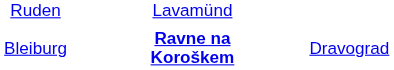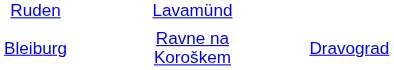 <table width="50%">
 <tr ---->
 <td width ="33%" align="center"><a href='#'>Ruden</a></td>
 <td width ="33%" align="center"><a href='#'>Lavamünd</a></td>
 <td width ="33%" align="center"></td>
 </tr>
 <tr ---->
 <td width ="33%" align="center"></td>
 <td width ="33%" align="center"></td>
 <td width ="33%" align="center"></td>
 </tr>
 <tr ---->
 <td width ="33%" align="center"><a href='#'>Bleiburg</a></td>
-<td width ="33%" align="center"><strong><a href='#'>Ravne na Koroškem</a></strong></td>
+<td width ="33%" align="center"><a href='#'>Ravne na Koroškem</a></td>
 <td width ="33%" align="center"><a href='#'>Dravograd</a></td>
 </tr>
 </table>
